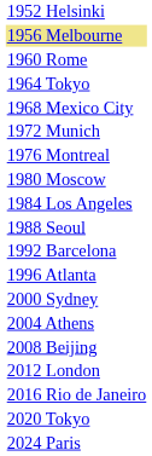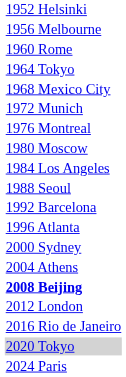 <table>
 <tr>
 <td><a href='#'>1952 Helsinki</a><br></td>
 <td></td>
 <td></td>
 <td></td>
 </tr>
 <tr>
-<td style="background: khaki;"><a href='#'>1956 Melbourne</a><br></td>
+<td><a href='#'>1956 Melbourne</a><br></td>
 <td></td>
 <td></td>
 <td></td>
 </tr>
 <tr>
 <td><a href='#'>1960 Rome</a><br></td>
 <td></td>
 <td></td>
 <td></td>
 </tr>
 <tr>
 <td><a href='#'>1964 Tokyo</a><br></td>
 <td></td>
 <td></td>
 <td></td>
 </tr>
 <tr>
 <td><a href='#'>1968 Mexico City</a><br></td>
 <td></td>
 <td></td>
 <td></td>
 </tr>
 <tr>
 <td><a href='#'>1972 Munich</a><br></td>
 <td></td>
 <td></td>
 <td></td>
 </tr>
 <tr>
 <td><a href='#'>1976 Montreal</a><br></td>
 <td></td>
 <td></td>
 <td></td>
 </tr>
 <tr>
 <td><a href='#'>1980 Moscow</a><br></td>
 <td></td>
 <td></td>
 <td></td>
 </tr>
 <tr>
 <td><a href='#'>1984 Los Angeles</a><br></td>
 <td></td>
 <td></td>
 <td></td>
 </tr>
 <tr>
 <td><a href='#'>1988 Seoul</a><br></td>
 <td></td>
 <td></td>
 <td></td>
 </tr>
 <tr>
 <td><a href='#'>1992 Barcelona</a><br></td>
 <td></td>
 <td></td>
 <td></td>
 </tr>
 <tr>
 <td><a href='#'>1996 Atlanta</a><br></td>
 <td></td>
 <td></td>
 <td></td>
 </tr>
 <tr>
 <td><a href='#'>2000 Sydney</a><br></td>
 <td></td>
 <td></td>
 <td></td>
 </tr>
 <tr>
 <td><a href='#'>2004 Athens</a><br></td>
 <td></td>
 <td></td>
 <td></td>
 </tr>
 <tr>
-<td><a href='#'>2008 Beijing</a><br></td>
+<td><strong><a href='#'>2008 Beijing</a><br></strong></td>
 <td></td>
 <td></td>
 <td></td>
 </tr>
 <tr>
 <td><a href='#'>2012 London</a><br></td>
 <td></td>
 <td></td>
 <td></td>
 </tr>
 <tr>
 <td><a href='#'>2016 Rio de Janeiro</a><br></td>
 <td></td>
 <td></td>
 <td></td>
 </tr>
 <tr>
-<td><a href='#'>2020 Tokyo</a><br></td>
+<td style="background: lightgrey;"><a href='#'>2020 Tokyo</a><br></td>
 <td></td>
 <td></td>
 <td></td>
 </tr>
 <tr>
 <td><a href='#'>2024 Paris</a><br></td>
 <td></td>
 <td></td>
 <td></td>
 </tr>
 <tr>
 </tr>
 </table>
